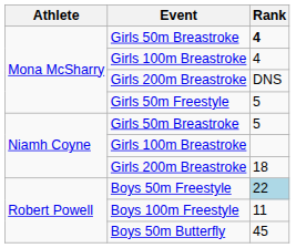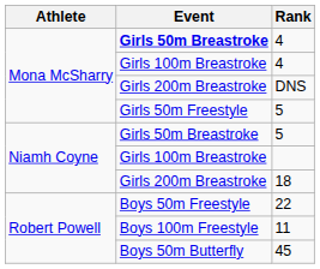 <table class="wikitable">
 <tr>
 <th>Athlete</th>
 <th>Event</th>
 <th>Rank</th>
 </tr>
 <tr>
 <td rowspan="4"><a href='#'>Mona McSharry</a></td>
-<td><a href='#'>Girls 50m Breastroke</a></td>
-<td><strong>4</strong></td>
+<td><strong><a href='#'>Girls 50m Breastroke</a></strong></td>
+<td>4</td>
 </tr>
 <tr>
 <td><a href='#'>Girls 100m Breastroke</a></td>
 <td>4</td>
 </tr>
 <tr>
 <td><a href='#'>Girls 200m Breastroke</a></td>
 <td>DNS</td>
 </tr>
 <tr>
 <td><a href='#'>Girls 50m Freestyle</a></td>
 <td>5</td>
 </tr>
 <tr>
 <td rowspan="3"><a href='#'>Niamh Coyne</a></td>
 <td><a href='#'>Girls 50m Breastroke</a></td>
 <td>5</td>
 </tr>
 <tr>
 <td><a href='#'>Girls 100m Breastroke</a></td>
 <td></td>
 </tr>
 <tr>
 <td><a href='#'>Girls 200m Breastroke</a></td>
 <td>18</td>
 </tr>
 <tr>
 <td rowspan="3"><a href='#'>Robert Powell</a></td>
 <td><a href='#'>Boys 50m Freestyle</a></td>
-<td style="background: lightblue;">22</td>
+<td>22</td>
 </tr>
 <tr>
 <td><a href='#'>Boys 100m Freestyle</a></td>
 <td>11</td>
 </tr>
 <tr>
 <td><a href='#'>Boys 50m Butterfly</a></td>
 <td>45</td>
 </tr>
 </table>
